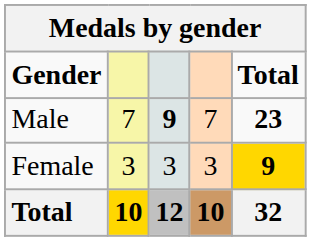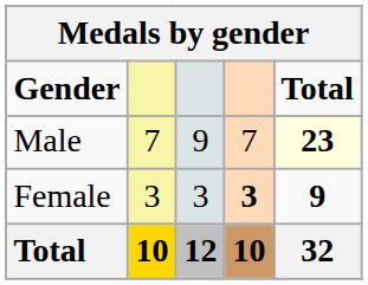 <table class="wikitable" style="text-align:center;font-size:90%">
 <tr style="background:#efefef;">
 <th colspan=7><strong>Medals by gender</strong></th>
 </tr>
 <tr>
 <td><strong>Gender</strong></td>
 <td bgcolor=#f7f6a8></td>
 <td bgcolor=#dce5e5></td>
 <td bgcolor=#ffdab9></td>
 <td><strong>Total</strong></td>
 </tr>
 <tr>
 <td style="text-align:left;">Male</td>
 <td style="background:#F7F6A8;">7</td>
-<td style="background:#DCE5E5;"><strong>9</strong></td>
+<td style="background:#DCE5E5;">9</td>
 <td style="background:#FFDAB9;">7</td>
-<td><strong>23</strong></td>
+<td style="background: lightyellow;"><strong>23</strong></td>
 </tr>
 <tr>
 <td style="text-align:left;">Female</td>
 <td style="background:#F7F6A8;">3</td>
 <td style="background:#DCE5E5;">3</td>
-<td style="background:#FFDAB9;">3</td>
-<td style="background: gold;"><strong>9</strong></td>
+<td style="background:#FFDAB9;"><strong>3</strong></td>
+<td><strong>9</strong></td>
 </tr>
 <tr>
 <th style="text-align:left;"><strong>Total</strong></th>
 <th style="background:gold;"><strong>10</strong></th>
 <th style="background:silver;"><strong>12</strong></th>
 <th style="background:#c96;"><strong>10</strong></th>
 <th><strong>32</strong></th>
 </tr>
 </table>
